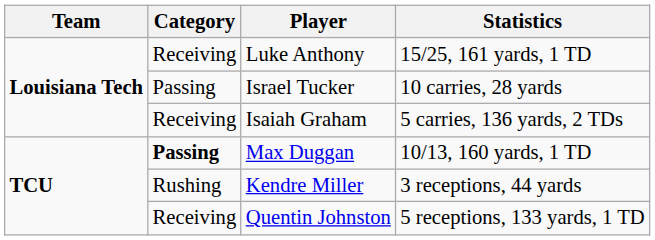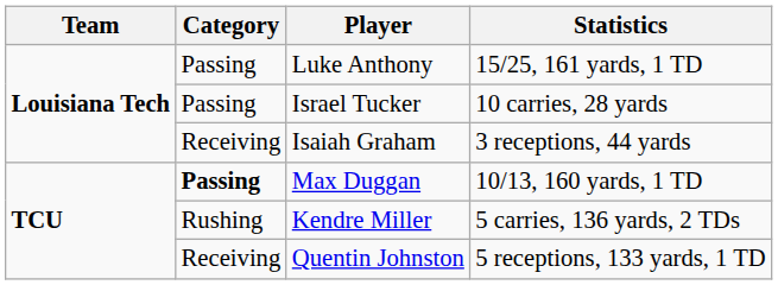 <table class="wikitable" style="float: left;">
 <tr>
 <th>Team</th>
 <th>Category</th>
 <th>Player</th>
 <th>Statistics</th>
 </tr>
 <tr>
 <td rowspan=3><strong>Louisiana Tech</strong></td>
-<td>Receiving</td>
+<td>Passing</td>
 <td>Luke Anthony</td>
 <td>15/25, 161 yards, 1 TD</td>
 </tr>
 <tr>
 <td>Passing</td>
 <td>Israel Tucker</td>
 <td>10 carries, 28 yards</td>
 </tr>
 <tr>
 <td>Receiving</td>
 <td>Isaiah Graham</td>
-<td>5 carries, 136 yards, 2 TDs</td>
+<td>3 receptions, 44 yards</td>
 </tr>
 <tr>
 <td rowspan=3><strong>TCU</strong></td>
 <td><strong>Passing</strong></td>
 <td><a href='#'>Max Duggan</a></td>
 <td>10/13, 160 yards, 1 TD</td>
 </tr>
 <tr>
 <td>Rushing</td>
 <td><a href='#'>Kendre Miller</a></td>
-<td>3 receptions, 44 yards</td>
+<td>5 carries, 136 yards, 2 TDs</td>
 </tr>
 <tr>
 <td>Receiving</td>
 <td><a href='#'>Quentin Johnston</a></td>
 <td>5 receptions, 133 yards, 1 TD</td>
 </tr>
 </table>
